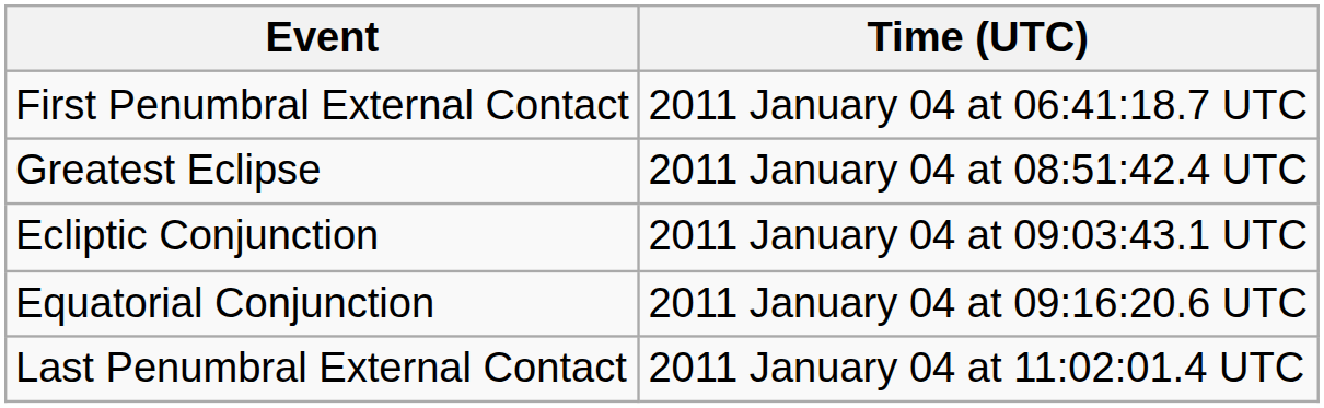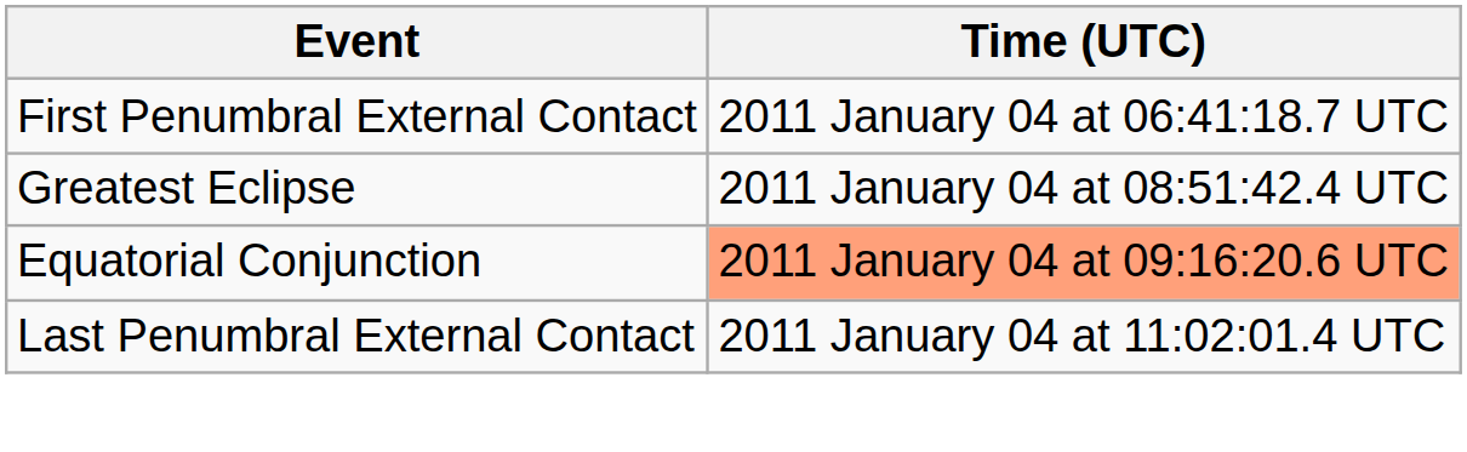 <table class="wikitable">
 <tr>
 <th>Event</th>
 <th>Time (UTC)</th>
 </tr>
 <tr>
 <td>First Penumbral External Contact</td>
 <td>2011 January 04 at 06:41:18.7 UTC</td>
 </tr>
 <tr>
 <td>Greatest Eclipse</td>
 <td>2011 January 04 at 08:51:42.4 UTC</td>
 </tr>
 <tr>
-<td>Ecliptic Conjunction</td>
-<td>2011 January 04 at 09:03:43.1 UTC</td>
-</tr>
-<tr>
 <td>Equatorial Conjunction</td>
-<td>2011 January 04 at 09:16:20.6 UTC</td>
+<td style="background: lightsalmon;">2011 January 04 at 09:16:20.6 UTC</td>
 </tr>
 <tr>
 <td>Last Penumbral External Contact</td>
 <td>2011 January 04 at 11:02:01.4 UTC</td>
 </tr>
 </table>
